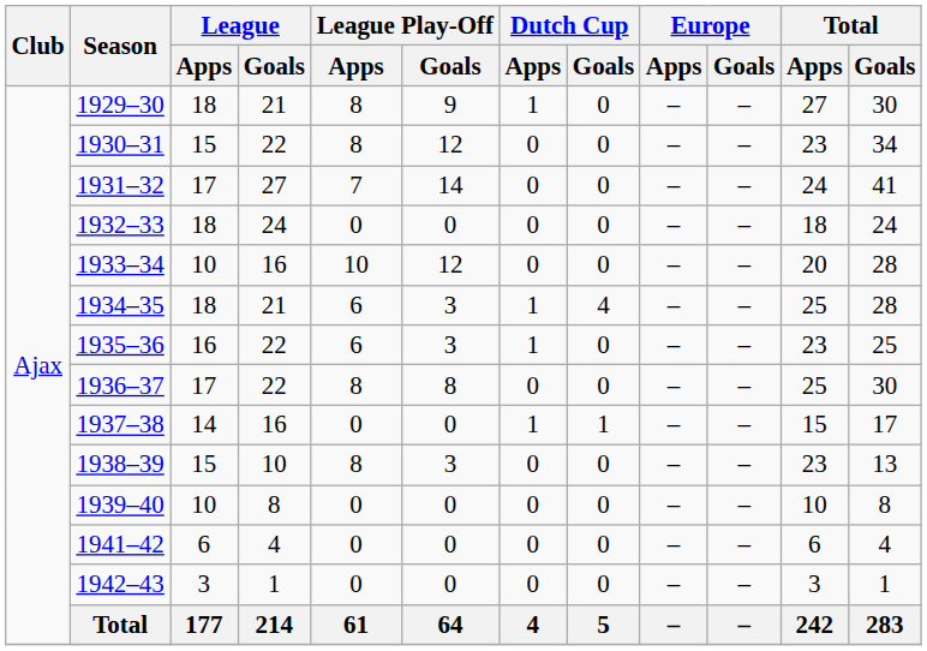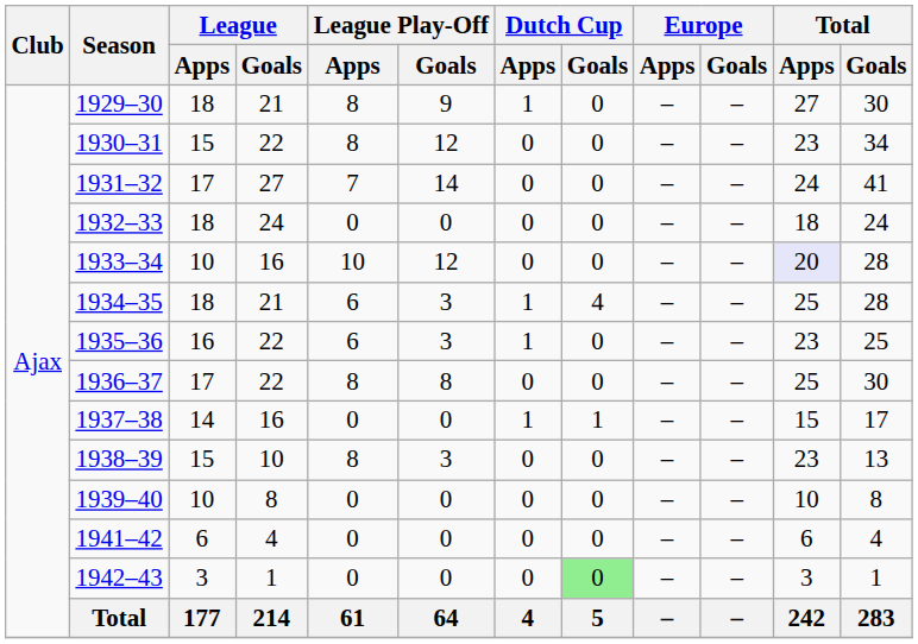 <table class="wikitable" style="font-size:100%; text-align: center;">
 <tr>
 <th rowspan=2>Club</th>
 <th rowspan=2>Season</th>
 <th colspan=2><a href='#'>League</a></th>
 <th colspan=2>League Play-Off</th>
 <th colspan=2><a href='#'>Dutch Cup</a></th>
 <th colspan=2><a href='#'>Europe</a></th>
 <th colspan=2>Total</th>
 </tr>
 <tr>
 <th>Apps</th>
 <th>Goals</th>
 <th>Apps</th>
 <th>Goals</th>
 <th>Apps</th>
 <th>Goals</th>
 <th>Apps</th>
 <th>Goals</th>
 <th>Apps</th>
 <th>Goals</th>
 </tr>
 <tr>
 <td rowspan=14><a href='#'>Ajax</a></td>
 <td><a href='#'>1929–30</a></td>
 <td>18</td>
 <td>21</td>
 <td>8</td>
 <td>9</td>
 <td>1</td>
 <td>0</td>
 <td>–</td>
 <td>–</td>
 <td>27</td>
 <td>30</td>
 </tr>
 <tr>
 <td><a href='#'>1930–31</a></td>
 <td>15</td>
 <td>22</td>
 <td>8</td>
 <td>12</td>
 <td>0</td>
 <td>0</td>
 <td>–</td>
 <td>–</td>
 <td>23</td>
 <td>34</td>
 </tr>
 <tr>
 <td><a href='#'>1931–32</a></td>
 <td>17</td>
 <td>27</td>
 <td>7</td>
 <td>14</td>
 <td>0</td>
 <td>0</td>
 <td>–</td>
 <td>–</td>
 <td>24</td>
 <td>41</td>
 </tr>
 <tr>
 <td><a href='#'>1932–33</a></td>
 <td>18</td>
 <td>24</td>
 <td>0</td>
 <td>0</td>
 <td>0</td>
 <td>0</td>
 <td>–</td>
 <td>–</td>
 <td>18</td>
 <td>24</td>
 </tr>
 <tr>
 <td><a href='#'>1933–34</a></td>
 <td>10</td>
 <td>16</td>
 <td>10</td>
 <td>12</td>
 <td>0</td>
 <td>0</td>
 <td>–</td>
 <td>–</td>
-<td>20</td>
+<td style="background: lavender;">20</td>
 <td>28</td>
 </tr>
 <tr>
 <td><a href='#'>1934–35</a></td>
 <td>18</td>
 <td>21</td>
 <td>6</td>
 <td>3</td>
 <td>1</td>
 <td>4</td>
 <td>–</td>
 <td>–</td>
 <td>25</td>
 <td>28</td>
 </tr>
 <tr>
 <td><a href='#'>1935–36</a></td>
 <td>16</td>
 <td>22</td>
 <td>6</td>
 <td>3</td>
 <td>1</td>
 <td>0</td>
 <td>–</td>
 <td>–</td>
 <td>23</td>
 <td>25</td>
 </tr>
 <tr>
 <td><a href='#'>1936–37</a></td>
 <td>17</td>
 <td>22</td>
 <td>8</td>
 <td>8</td>
 <td>0</td>
 <td>0</td>
 <td>–</td>
 <td>–</td>
 <td>25</td>
 <td>30</td>
 </tr>
 <tr>
 <td><a href='#'>1937–38</a></td>
 <td>14</td>
 <td>16</td>
 <td>0</td>
 <td>0</td>
 <td>1</td>
 <td>1</td>
 <td>–</td>
 <td>–</td>
 <td>15</td>
 <td>17</td>
 </tr>
 <tr>
 <td><a href='#'>1938–39</a></td>
 <td>15</td>
 <td>10</td>
 <td>8</td>
 <td>3</td>
 <td>0</td>
 <td>0</td>
 <td>–</td>
 <td>–</td>
 <td>23</td>
 <td>13</td>
 </tr>
 <tr>
 <td><a href='#'>1939–40</a></td>
 <td>10</td>
 <td>8</td>
 <td>0</td>
 <td>0</td>
 <td>0</td>
 <td>0</td>
 <td>–</td>
 <td>–</td>
 <td>10</td>
 <td>8</td>
 </tr>
 <tr>
 <td><a href='#'>1941–42</a></td>
 <td>6</td>
 <td>4</td>
 <td>0</td>
 <td>0</td>
 <td>0</td>
 <td>0</td>
 <td>–</td>
 <td>–</td>
 <td>6</td>
 <td>4</td>
 </tr>
 <tr>
 <td><a href='#'>1942–43</a></td>
 <td>3</td>
 <td>1</td>
 <td>0</td>
 <td>0</td>
 <td>0</td>
-<td>0</td>
+<td style="background: lightgreen;">0</td>
 <td>–</td>
 <td>–</td>
 <td>3</td>
 <td>1</td>
 </tr>
 <tr>
 <th>Total</th>
 <th>177</th>
 <th>214</th>
 <th>61</th>
 <th>64</th>
 <th>4</th>
 <th>5</th>
 <th>–</th>
 <th>–</th>
 <th>242</th>
 <th>283</th>
 </tr>
 <tr>
 </tr>
 </table>
